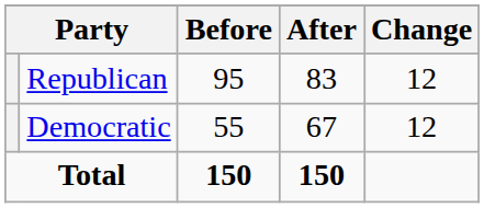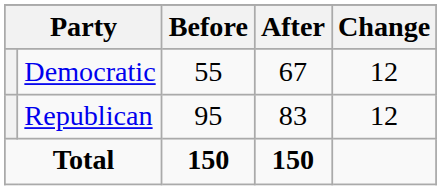 <table class="wikitable" style="text-align:center;">
 <tr>
 </tr>
 <tr>
 <th colspan=2>Party</th>
 <th>Before</th>
 <th>After</th>
 <th>Change</th>
 </tr>
 <tr>
 <th style="background-color:"></th>
-<td style="text-align:left;"><a href='#'>Republican</a></td>
-<td>95</td>
-<td>83</td>
+<td style="text-align:left;"><a href='#'>Democratic</a></td>
+<td>55</td>
+<td>67</td>
 <td> 12</td>
 </tr>
 <tr>
 <th style="background-color:"></th>
-<td style="text-align:left;"><a href='#'>Democratic</a></td>
-<td>55</td>
-<td>67</td>
+<td style="text-align:left;"><a href='#'>Republican</a></td>
+<td>95</td>
+<td>83</td>
 <td> 12</td>
 </tr>
 <tr>
 <td colspan=2><strong>Total</strong></td>
 <td><strong>150</strong></td>
 <td><strong>150</strong></td>
 <td></td>
 </tr>
 </table>
